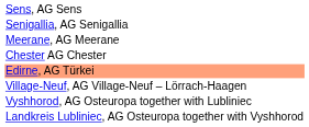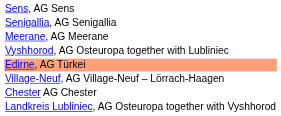 <table>
 <tr>
 <td> <a href='#'>Sens</a>, AG Sens</td>
 </tr>
 <tr>
 <td> <a href='#'>Senigallia</a>, AG Senigallia</td>
 </tr>
 <tr>
 <td> <a href='#'>Meerane</a>, AG Meerane</td>
 </tr>
 <tr>
-<td> <a href='#'>Chester</a> AG Chester</td>
+<td> <a href='#'>Vyshhorod</a>, AG Osteuropa together with Lubliniec</td>
 </tr>
 <tr>
 <td style="background: lightsalmon;"> <a href='#'>Edirne</a>, AG Türkei</td>
 </tr>
 <tr>
 <td> <a href='#'>Village-Neuf</a>, AG Village-Neuf – Lörrach-Haagen</td>
 </tr>
 <tr>
-<td> <a href='#'>Vyshhorod</a>, AG Osteuropa together with Lubliniec</td>
+<td> <a href='#'>Chester</a> AG Chester</td>
 </tr>
 <tr>
 <td> <a href='#'>Landkreis Lubliniec</a>, AG Osteuropa together with Vyshhorod</td>
 </tr>
 </table>
